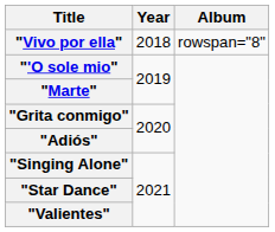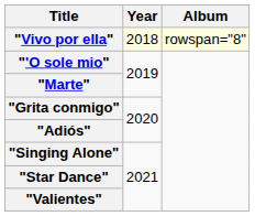 <table class="wikitable plainrowheaders" style="text-align:center;">
 <tr>
 <th>Title</th>
 <th>Year</th>
 <th>Album</th>
 </tr>
 <tr>
 <th scope="row">"<a href='#'>Vivo por ella</a>"</th>
-<td>2018</td>
-<td>rowspan="8" </td>
+<td style="background: lightyellow;">2018</td>
+<td style="background: lightyellow;">rowspan="8" </td>
 </tr>
 <tr>
 <th scope="row">"<a href='#'>'O sole mio</a>"</th>
 <td rowspan="2">2019</td>
 </tr>
 <tr>
 <th scope="row">"<a href='#'>Marte</a>"</th>
 </tr>
 <tr>
 <th scope="row">"Grita conmigo"</th>
 <td rowspan="2">2020</td>
 </tr>
 <tr>
 <th scope="row">"Adiós"</th>
 </tr>
 <tr>
 <th scope="row">"Singing Alone"</th>
 <td rowspan="3">2021</td>
 </tr>
 <tr>
 <th scope="row">"Star Dance"</th>
 </tr>
 <tr>
 <th scope="row">"Valientes"</th>
 </tr>
 </table>
